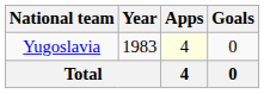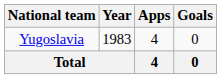 <table class="wikitable" style="text-align:center">
 <tr>
 <th>National team</th>
 <th>Year</th>
 <th>Apps</th>
 <th>Goals</th>
 </tr>
 <tr>
 <td><a href='#'>Yugoslavia</a></td>
 <td>1983</td>
-<td style="background: lightyellow;">4</td>
+<td>4</td>
 <td>0</td>
 </tr>
 <tr>
 <th colspan="2">Total</th>
 <th>4</th>
 <th>0</th>
 </tr>
 </table>
